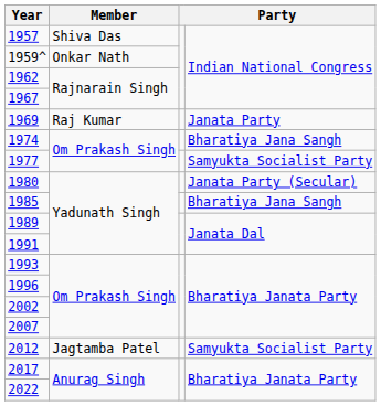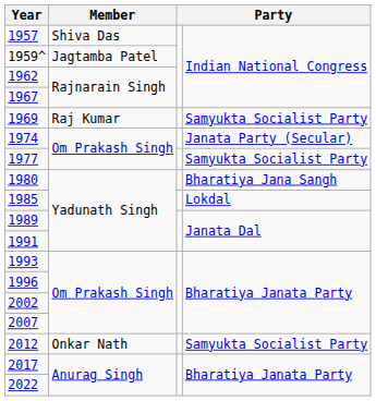 <table class="wikitable">
 <tr>
 <th>Year</th>
 <th>Member</th>
 <th colspan="2">Party</th>
 </tr>
 <tr>
 <td><a href='#'>1957</a></td>
 <td>Shiva Das</td>
 <td rowspan="4" style="background-color: "></td>
 <td rowspan="4"><a href='#'>Indian National Congress</a></td>
 </tr>
 <tr>
 <td>1959^</td>
-<td>Onkar Nath</td>
+<td>Jagtamba Patel</td>
 </tr>
 <tr>
 <td><a href='#'>1962</a></td>
 <td rowspan="2">Rajnarain Singh</td>
 </tr>
 <tr>
 <td><a href='#'>1967</a></td>
 </tr>
 <tr>
 <td><a href='#'>1969</a></td>
 <td>Raj Kumar</td>
 <td style="background-color: "></td>
-<td><a href='#'>Janata Party</a></td>
+<td><a href='#'>Samyukta Socialist Party</a></td>
 </tr>
 <tr>
 <td><a href='#'>1974</a></td>
 <td rowspan="2"><a href='#'>Om Prakash Singh</a></td>
 <td style="background-color: "></td>
-<td><a href='#'>Bharatiya Jana Sangh</a></td>
+<td><a href='#'>Janata Party (Secular)</a></td>
 </tr>
 <tr>
 <td><a href='#'>1977</a></td>
 <td style="background-color: "></td>
 <td><a href='#'>Samyukta Socialist Party</a></td>
 </tr>
 <tr>
 <td><a href='#'>1980</a></td>
 <td rowspan="4">Yadunath Singh</td>
 <td style="background-color: "></td>
-<td><a href='#'>Janata Party (Secular)</a></td>
+<td><a href='#'>Bharatiya Jana Sangh</a></td>
 </tr>
 <tr>
 <td><a href='#'>1985</a></td>
 <td style="background-color: "></td>
-<td><a href='#'>Bharatiya Jana Sangh</a></td>
+<td><a href='#'>Lokdal</a></td>
 </tr>
 <tr>
 <td><a href='#'>1989</a></td>
 <td rowspan="2" style="background-color: "></td>
 <td rowspan="2"><a href='#'>Janata Dal</a></td>
 </tr>
 <tr>
 <td><a href='#'>1991</a></td>
 </tr>
 <tr>
 <td><a href='#'>1993</a></td>
 <td rowspan="4"><a href='#'>Om Prakash Singh</a></td>
 <td rowspan="4" style="background-color: "></td>
 <td rowspan="4"><a href='#'>Bharatiya Janata Party</a></td>
 </tr>
 <tr>
 <td><a href='#'>1996</a></td>
 </tr>
 <tr>
 <td><a href='#'>2002</a></td>
 </tr>
 <tr>
 <td><a href='#'>2007</a></td>
 </tr>
 <tr>
 <td><a href='#'>2012</a></td>
-<td>Jagtamba Patel</td>
+<td>Onkar Nath</td>
 <td style="background-color: "></td>
 <td><a href='#'>Samyukta Socialist Party</a></td>
 </tr>
 <tr>
 <td><a href='#'>2017</a></td>
 <td rowspan="2"><a href='#'>Anurag Singh</a></td>
 <td rowspan="2" style="background-color: "></td>
 <td rowspan="2"><a href='#'>Bharatiya Janata Party</a></td>
 </tr>
 <tr>
 <td><a href='#'>2022</a></td>
 </tr>
 </table>
